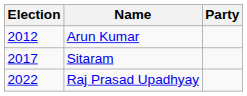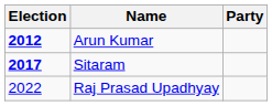 <table class="wikitable sortable">
 <tr>
 <th>Election</th>
 <th>Name</th>
 <th colspan=2>Party</th>
 </tr>
 <tr>
-<td><a href='#'>2012</a></td>
+<td><strong><a href='#'>2012</a></strong></td>
 <td><a href='#'>Arun Kumar</a></td>
 <td></td>
 </tr>
 <tr>
-<td><a href='#'>2017</a></td>
+<td><strong><a href='#'>2017</a></strong></td>
 <td><a href='#'>Sitaram</a></td>
 <td></td>
 </tr>
 <tr>
 <td><a href='#'>2022</a></td>
 <td><a href='#'>Raj Prasad Upadhyay</a></td>
 </tr>
 </table>
